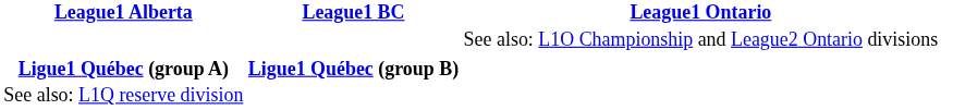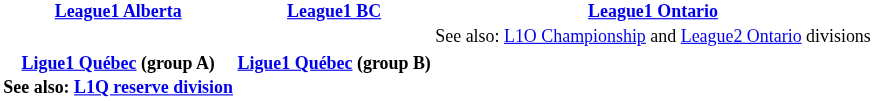 <table>
 <tr valign=top>
 <th align="center"><a href='#'>League1 Alberta</a></th>
 <th align="center"><a href='#'>League1 BC</a></th>
 <th align="center"><a href='#'>League1 Ontario</a></th>
 </tr>
 <tr valign=top>
 <td align="left"></td>
 <td align="left"></td>
 <td align="left"> See also: <a href='#'>L1O Championship</a> and <a href='#'>League2 Ontario</a> divisions</td>
 </tr>
 <tr>
 </tr>
 <tr valign=top>
 <th align="center"><a href='#'>Ligue1 Québec</a> (group A)</th>
 <th align="center"><a href='#'>Ligue1 Québec</a> (group B)</th>
 </tr>
 <tr valign=top>
-<td align="left"> See also: <a href='#'>L1Q reserve division</a></td>
+<td align="left"><strong> See also: <a href='#'>L1Q reserve division</a></strong></td>
 <td align="left"></td>
 </tr>
 </table>
